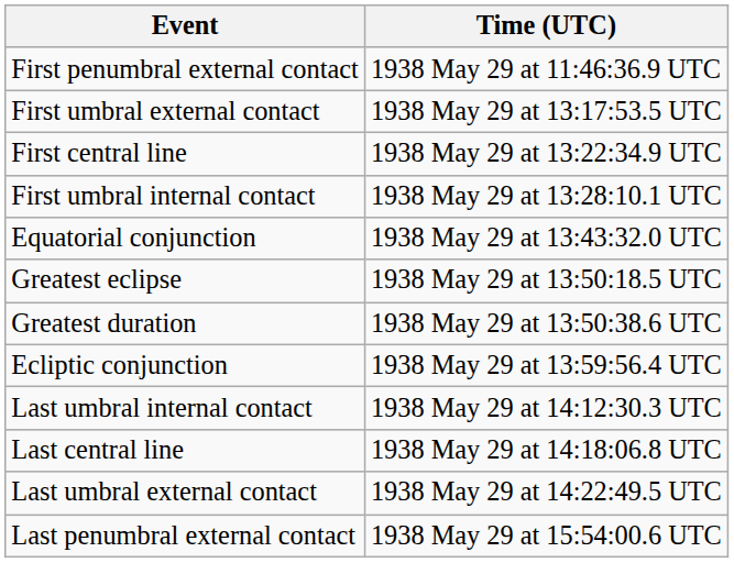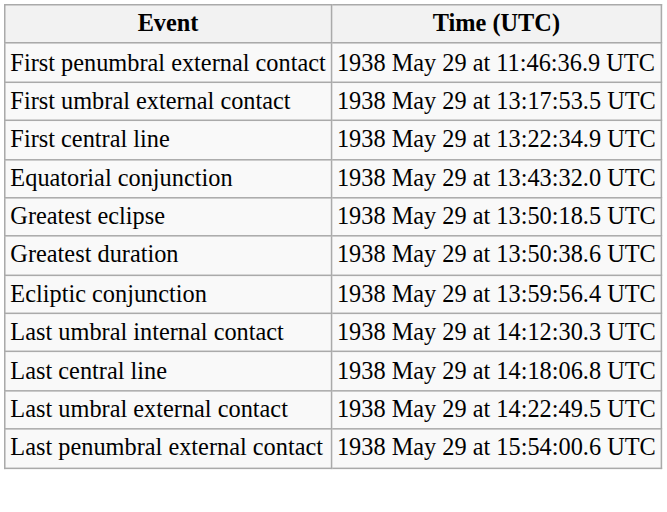 <table class="wikitable">
 <tr>
 <th>Event</th>
 <th>Time (UTC)</th>
 </tr>
 <tr>
 <td>First penumbral external contact</td>
 <td>1938 May 29 at 11:46:36.9 UTC</td>
 </tr>
 <tr>
 <td>First umbral external contact</td>
 <td>1938 May 29 at 13:17:53.5 UTC</td>
 </tr>
 <tr>
 <td>First central line</td>
 <td>1938 May 29 at 13:22:34.9 UTC</td>
-</tr>
-<tr>
-<td>First umbral internal contact</td>
-<td>1938 May 29 at 13:28:10.1 UTC</td>
 </tr>
 <tr>
 <td>Equatorial conjunction</td>
 <td>1938 May 29 at 13:43:32.0 UTC</td>
 </tr>
 <tr>
 <td>Greatest eclipse</td>
 <td>1938 May 29 at 13:50:18.5 UTC</td>
 </tr>
 <tr>
 <td>Greatest duration</td>
 <td>1938 May 29 at 13:50:38.6 UTC</td>
 </tr>
 <tr>
 <td>Ecliptic conjunction</td>
 <td>1938 May 29 at 13:59:56.4 UTC</td>
 </tr>
 <tr>
 <td>Last umbral internal contact</td>
 <td>1938 May 29 at 14:12:30.3 UTC</td>
 </tr>
 <tr>
 <td>Last central line</td>
 <td>1938 May 29 at 14:18:06.8 UTC</td>
 </tr>
 <tr>
 <td>Last umbral external contact</td>
 <td>1938 May 29 at 14:22:49.5 UTC</td>
 </tr>
 <tr>
 <td>Last penumbral external contact</td>
 <td>1938 May 29 at 15:54:00.6 UTC</td>
 </tr>
 </table>
